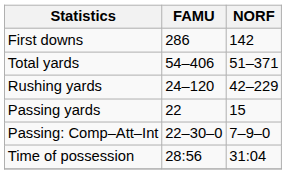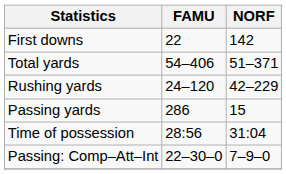 <table class="wikitable" style="float: left;">
 <tr>
 <th>Statistics</th>
 <th>FAMU</th>
 <th>NORF</th>
 </tr>
 <tr>
 <td>First downs</td>
-<td>286</td>
+<td>22</td>
 <td>142</td>
 </tr>
 <tr>
 <td>Total yards</td>
 <td>54–406</td>
 <td>51–371</td>
 </tr>
 <tr>
 <td>Rushing yards</td>
 <td>24–120</td>
 <td>42–229</td>
 </tr>
 <tr>
 <td>Passing yards</td>
-<td>22</td>
+<td>286</td>
 <td>15</td>
+</tr>
+<tr>
+<td>Time of possession</td>
+<td>28:56</td>
+<td>31:04</td>
 </tr>
 <tr>
 <td>Passing: Comp–Att–Int</td>
 <td>22–30–0</td>
 <td>7–9–0</td>
 </tr>
 <tr>
-<td>Time of possession</td>
-<td>28:56</td>
-<td>31:04</td>
-</tr>
-<tr>
 </tr>
 </table>
